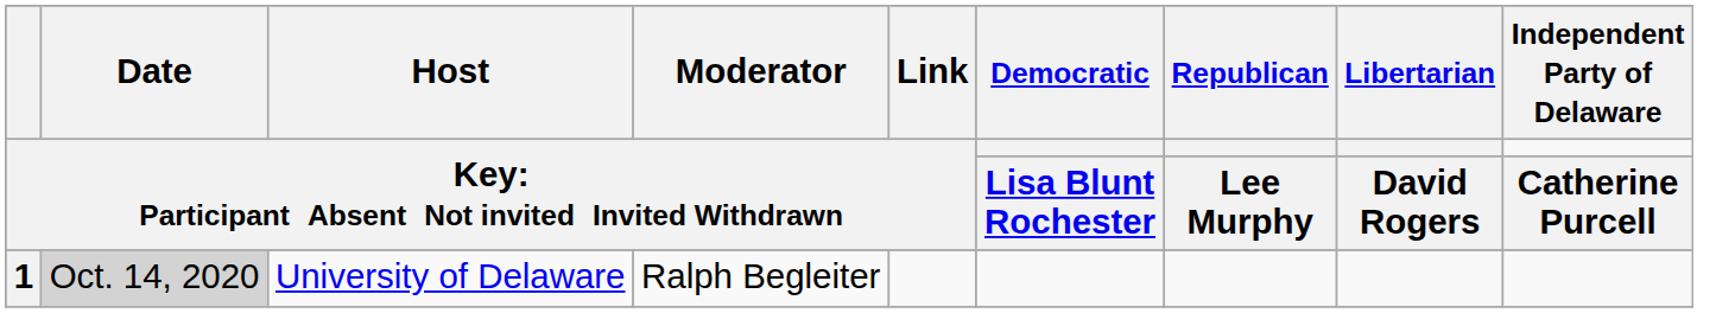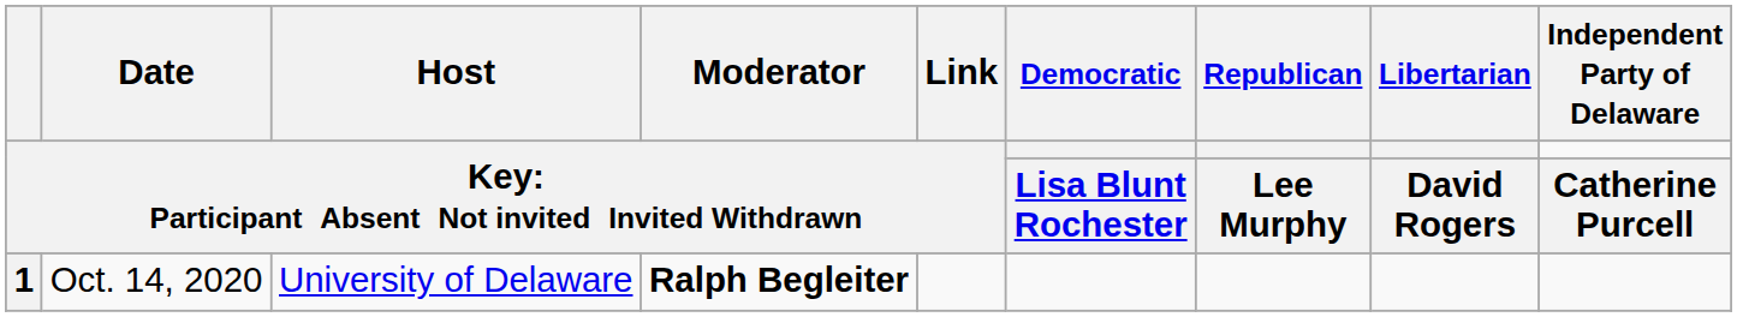 <table class="wikitable" style="text-align:center;">
 <tr>
 <th scope="col"></th>
 <th scope="col">Date</th>
 <th scope="col">Host</th>
 <th scope="col">Moderator</th>
 <th scope="col">Link</th>
 <th scope="col"><small><a href='#'>Democratic</a></small></th>
 <th scope="col"><small><a href='#'>Republican</a></small></th>
 <th scope="col"><small><a href='#'>Libertarian</a></small></th>
 <th scope="col"><small>Independent Party of Delaware</small></th>
 </tr>
 <tr>
 <th colspan="5" rowspan="2">Key:<br> <small>Participant </small>  <small>Absent </small>  <small>Not invited </small>  <small>Invited  Withdrawn</small></th>
 <th scope="col" style="background:"></th>
 <th scope="col" style="background:"></th>
 <th scope="col" style="background:"></th>
 </tr>
 <tr>
 <th scope="col"><a href='#'>Lisa Blunt Rochester</a></th>
 <th scope="col">Lee Murphy</th>
 <th scope="col">David Rogers</th>
 <th scope="col">Catherine Purcell</th>
 </tr>
 <tr>
 <th>1</th>
-<td style="background: lightgrey; white-space:nowrap;">Oct. 14, 2020</td>
+<td style="white-space:nowrap;">Oct. 14, 2020</td>
 <td style="white-space:nowrap;"><a href='#'>University of Delaware</a></td>
-<td style="white-space:nowrap;">Ralph Begleiter</td>
+<td style="white-space:nowrap;"><strong>Ralph Begleiter</strong></td>
 <td style="white-space:nowrap;"></td>
 <td></td>
 <td></td>
 <td></td>
 <td></td>
 </tr>
 </table>
